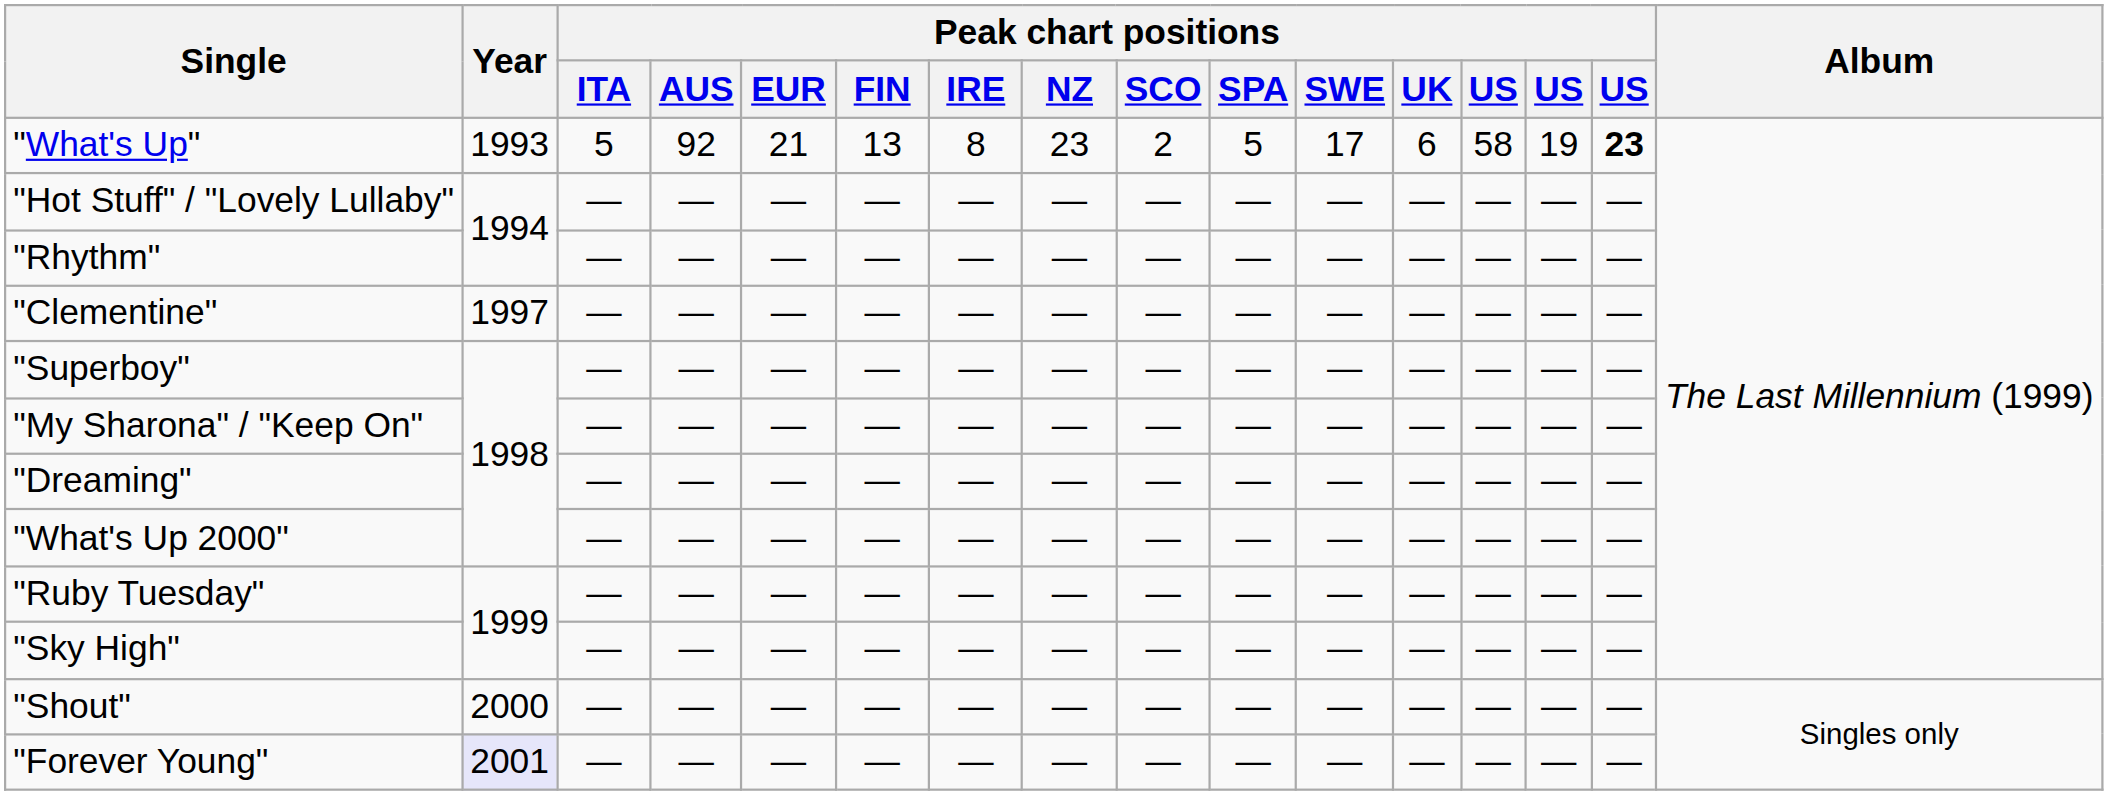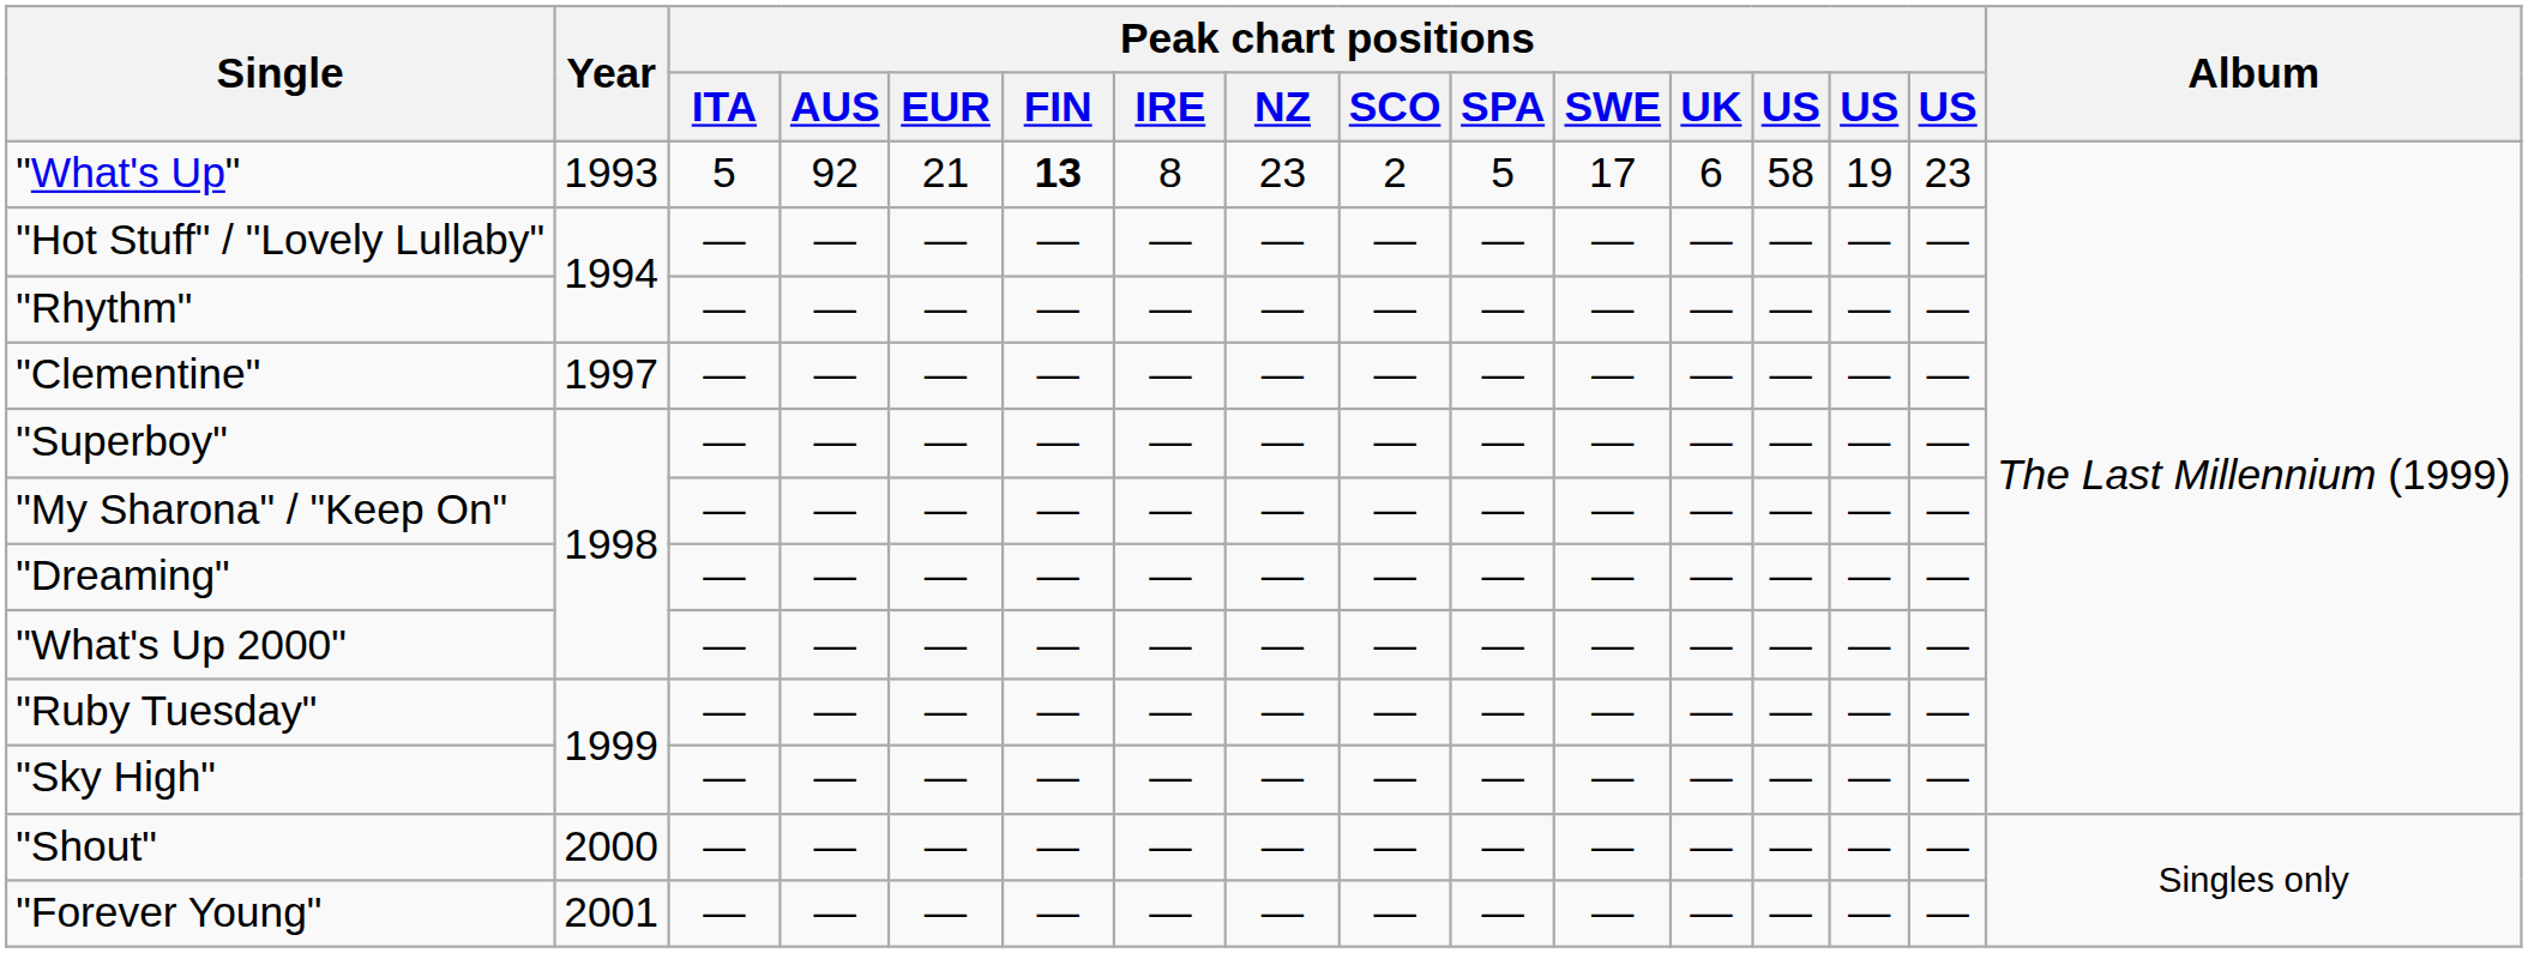 <table class="wikitable" style="text-align:center;">
 <tr>
 <th rowspan="2">Single</th>
 <th rowspan="2">Year</th>
 <th colspan="13">Peak chart positions</th>
 <th rowspan="2">Album</th>
 </tr>
 <tr>
 <th style="width:35px;"><a href='#'>ITA</a><br></th>
 <th><a href='#'>AUS</a><br></th>
 <th style="width:35px;"><a href='#'>EUR</a><br></th>
 <th style="width:35px;"><a href='#'>FIN</a><br></th>
 <th style="width:35px;"><a href='#'>IRE</a><br></th>
 <th style="width:35px;"><a href='#'>NZ</a><br></th>
 <th style="width:35px;"><a href='#'>SCO</a><br></th>
 <th><a href='#'>SPA</a><br></th>
 <th style="width:35px;"><a href='#'>SWE</a><br></th>
 <th><a href='#'>UK</a><br></th>
 <th><a href='#'>US</a><br></th>
 <th><a href='#'>US </a></th>
 <th><a href='#'>US </a></th>
 </tr>
 <tr>
 <td style="text-align:left;">"<a href='#'>What's Up</a>"</td>
 <td>1993</td>
 <td>5</td>
 <td>92</td>
 <td>21</td>
-<td>13</td>
+<td><strong>13</strong></td>
 <td>8</td>
 <td>23</td>
 <td>2</td>
 <td>5</td>
 <td>17</td>
 <td>6</td>
 <td>58</td>
 <td>19</td>
-<td><strong>23</strong></td>
+<td>23</td>
 <td rowspan="10"><em>The Last Millennium</em> (1999)</td>
 </tr>
 <tr>
 <td style="text-align:left;">"Hot Stuff" / "Lovely Lullaby"</td>
 <td rowspan="2">1994</td>
 <td>—</td>
 <td>—</td>
 <td>—</td>
 <td>—</td>
 <td>—</td>
 <td>—</td>
 <td>—</td>
 <td>—</td>
 <td>—</td>
 <td>—</td>
 <td>—</td>
 <td>—</td>
 <td>—</td>
 </tr>
 <tr>
 <td style="text-align:left;">"Rhythm"</td>
 <td>—</td>
 <td>—</td>
 <td>—</td>
 <td>—</td>
 <td>—</td>
 <td>—</td>
 <td>—</td>
 <td>—</td>
 <td>—</td>
 <td>—</td>
 <td>—</td>
 <td>—</td>
 <td>—</td>
 </tr>
 <tr>
 <td style="text-align:left;">"Clementine"</td>
 <td>1997</td>
 <td>—</td>
 <td>—</td>
 <td>—</td>
 <td>—</td>
 <td>—</td>
 <td>—</td>
 <td>—</td>
 <td>—</td>
 <td>—</td>
 <td>—</td>
 <td>—</td>
 <td>—</td>
 <td>—</td>
 </tr>
 <tr>
 <td style="text-align:left;">"Superboy"</td>
 <td rowspan="4">1998</td>
 <td>—</td>
 <td>—</td>
 <td>—</td>
 <td>—</td>
 <td>—</td>
 <td>—</td>
 <td>—</td>
 <td>—</td>
 <td>—</td>
 <td>—</td>
 <td>—</td>
 <td>—</td>
 <td>—</td>
 </tr>
 <tr>
 <td style="text-align:left;">"My Sharona" / "Keep On"</td>
 <td>—</td>
 <td>—</td>
 <td>—</td>
 <td>—</td>
 <td>—</td>
 <td>—</td>
 <td>—</td>
 <td>—</td>
 <td>—</td>
 <td>—</td>
 <td>—</td>
 <td>—</td>
 <td>—</td>
 </tr>
 <tr>
 <td style="text-align:left;">"Dreaming"</td>
 <td>—</td>
 <td>—</td>
 <td>—</td>
 <td>—</td>
 <td>—</td>
 <td>—</td>
 <td>—</td>
 <td>—</td>
 <td>—</td>
 <td>—</td>
 <td>—</td>
 <td>—</td>
 <td>—</td>
 </tr>
 <tr>
 <td style="text-align:left;">"What's Up 2000"</td>
 <td>—</td>
 <td>—</td>
 <td>—</td>
 <td>—</td>
 <td>—</td>
 <td>—</td>
 <td>—</td>
 <td>—</td>
 <td>—</td>
 <td>—</td>
 <td>—</td>
 <td>—</td>
 <td>—</td>
 </tr>
 <tr>
 <td style="text-align:left;">"Ruby Tuesday"</td>
 <td rowspan="2">1999</td>
 <td>—</td>
 <td>—</td>
 <td>—</td>
 <td>—</td>
 <td>—</td>
 <td>—</td>
 <td>—</td>
 <td>—</td>
 <td>—</td>
 <td>—</td>
 <td>—</td>
 <td>—</td>
 <td>—</td>
 </tr>
 <tr>
 <td style="text-align:left;">"Sky High"</td>
 <td>—</td>
 <td>—</td>
 <td>—</td>
 <td>—</td>
 <td>—</td>
 <td>—</td>
 <td>—</td>
 <td>—</td>
 <td>—</td>
 <td>—</td>
 <td>—</td>
 <td>—</td>
 <td>—</td>
 </tr>
 <tr>
 <td style="text-align:left;">"Shout"</td>
 <td>2000</td>
 <td>—</td>
 <td>—</td>
 <td>—</td>
 <td>—</td>
 <td>—</td>
 <td>—</td>
 <td>—</td>
 <td>—</td>
 <td>—</td>
 <td>—</td>
 <td>—</td>
 <td>—</td>
 <td>—</td>
 <td rowspan="2"><small>Singles only</small></td>
 </tr>
 <tr>
 <td style="text-align:left;">"Forever Young"</td>
-<td style="background: lavender;">2001</td>
+<td>2001</td>
 <td>—</td>
 <td>—</td>
 <td>—</td>
 <td>—</td>
 <td>—</td>
 <td>—</td>
 <td>—</td>
 <td>—</td>
 <td>—</td>
 <td>—</td>
 <td>—</td>
 <td>—</td>
 <td>—</td>
 </tr>
 </table>
